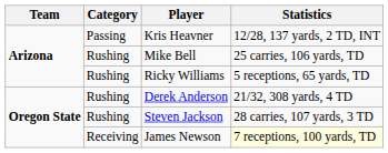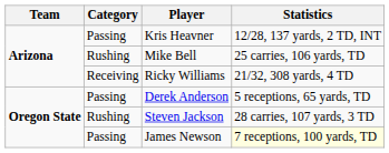 <table class="wikitable" style="float: right;">
 <tr>
 <th>Team</th>
 <th>Category</th>
 <th>Player</th>
 <th>Statistics</th>
 </tr>
 <tr>
 <td rowspan=3><strong>Arizona</strong></td>
 <td>Passing</td>
 <td>Kris Heavner</td>
 <td>12/28, 137 yards, 2 TD, INT</td>
 </tr>
 <tr>
 <td>Rushing</td>
 <td>Mike Bell</td>
 <td>25 carries, 106 yards, TD</td>
 </tr>
 <tr>
-<td>Rushing</td>
+<td>Receiving</td>
 <td>Ricky Williams</td>
-<td>5 receptions, 65 yards, TD</td>
+<td>21/32, 308 yards, 4 TD</td>
 </tr>
 <tr>
 <td rowspan=3><strong>Oregon State</strong></td>
-<td>Rushing</td>
+<td>Passing</td>
 <td><a href='#'>Derek Anderson</a></td>
-<td>21/32, 308 yards, 4 TD</td>
+<td>5 receptions, 65 yards, TD</td>
 </tr>
 <tr>
 <td>Rushing</td>
 <td><a href='#'>Steven Jackson</a></td>
 <td>28 carries, 107 yards, 3 TD</td>
 </tr>
 <tr>
-<td>Receiving</td>
+<td>Passing</td>
 <td>James Newson</td>
 <td style="background: lightyellow;">7 receptions, 100 yards, TD</td>
 </tr>
 </table>
